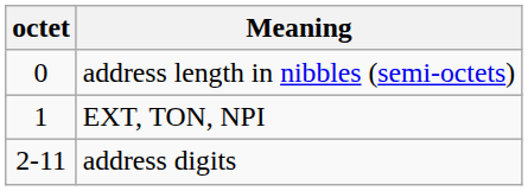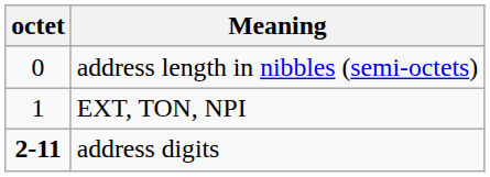 <table class="wikitable" style="text-align:left">
 <tr>
 <th>octet</th>
 <th>Meaning</th>
 </tr>
 <tr>
 <td style="text-align:center;">0</td>
 <td>address length in <a href='#'>nibbles</a> (<a href='#'>semi-octets</a>)</td>
 </tr>
 <tr>
 <td style="text-align:center;">1</td>
 <td>EXT, TON, NPI</td>
 </tr>
 <tr>
-<td style="text-align:center;">2-11</td>
+<td style="text-align:center;"><strong>2-11</strong></td>
 <td>address digits</td>
 </tr>
 </table>
